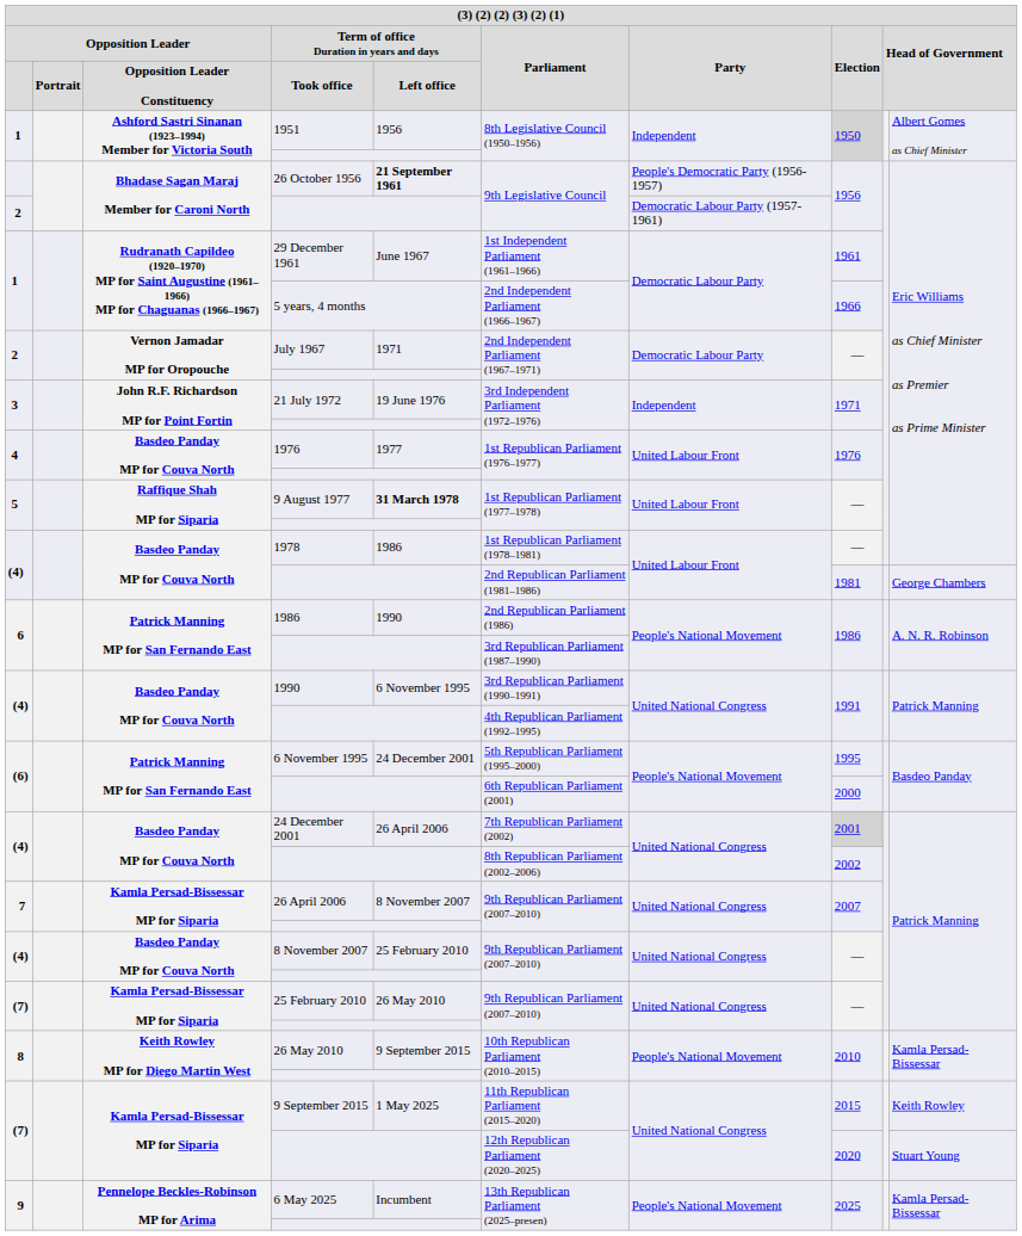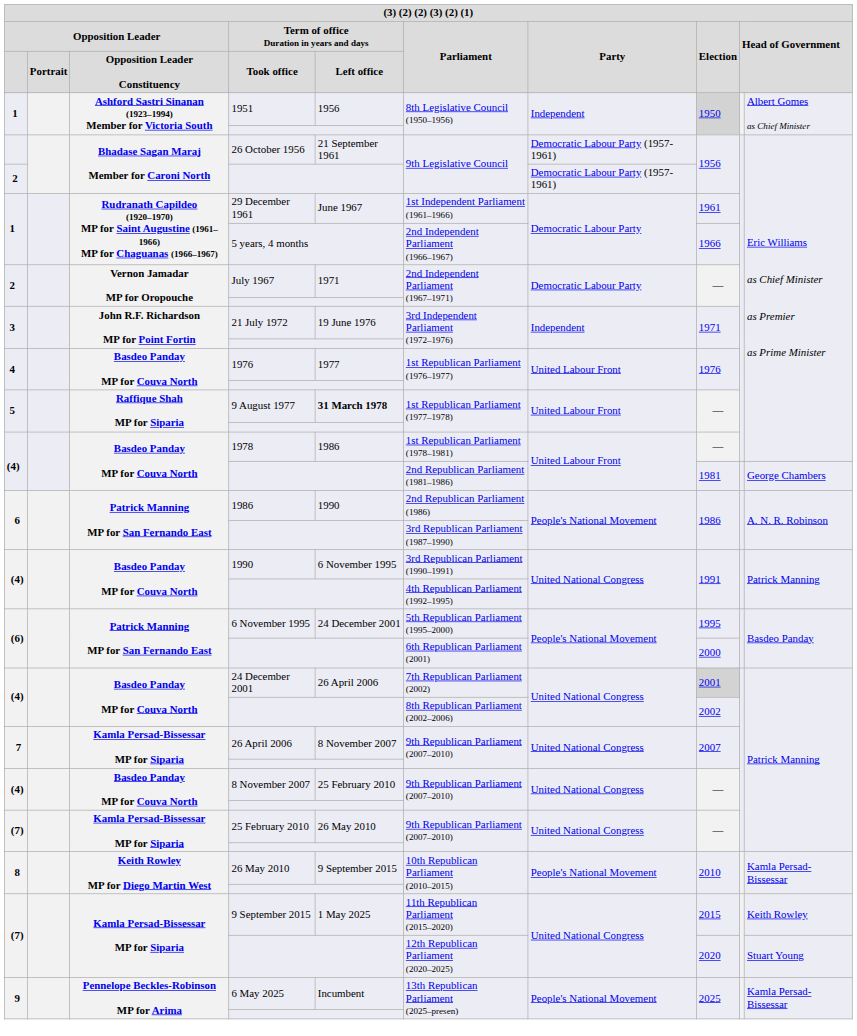 <table class="wikitable" style="background-color:#ececf4; color:black" align="center">
 <tr>
 <th colspan="10" style="background-color:#DCDCDC;"> (3) (2) (2) (3) (2) (1)</th>
 </tr>
 <tr>
 <th colspan="3" style="background-color:#DCDCDC;">Opposition Leader</th>
 <th colspan="2" style="background-color:#DCDCDC;">Term of office<br><small>Duration in years and days</small></th>
 <th rowspan="2" style="background-color:#DCDCDC;">Parliament</th>
 <th rowspan="2" style="background-color:#DCDCDC;">Party</th>
 <td rowspan="2" style="background-color:#DCDCDC;"><strong>Election</strong></td>
 <td colspan="2" rowspan="2" style="background-color:#DCDCDC;"><strong>Head of Government</strong><br><br><br></td>
 </tr>
 <tr>
 <th style="background-color:#DCDCDC;"></th>
 <th style="background-color:#DCDCDC;">Portrait</th>
 <th style="background-color:#DCDCDC;">Opposition Leader<br><br>Constituency</th>
 <th style="background-color:#DCDCDC;">Took office</th>
 <th style="background-color:#DCDCDC;">Left office</th>
 </tr>
 <tr>
 <td rowspan="2" style="background:"><strong>  1</strong></td>
 <th rowspan="2"></th>
 <th rowspan="2"><a href='#'><strong>Ashford Sastri Sinanan</strong></a><br><small><strong>(1923–1994)</strong></small><br><strong>Member for <a href='#'>Victoria South</a></strong></th>
 <td>1951</td>
 <td>1956</td>
 <td rowspan="2"><a href='#'>8th Legislative Council</a><br><small>(1950–1956)</small></td>
 <td rowspan="2" ><a href='#'>Independent</a></td>
 <td rowspan="2" style="background:LightGrey; "><a href='#'>1950</a></td>
 <th rowspan="2" style="background: "></th>
 <td rowspan="2"><a href='#'>Albert Gomes</a><br><br><em><small>as Chief Minister</small></em></td>
 </tr>
 <tr>
 <td colspan="2"></td>
 </tr>
 <tr>
 <td rowspan="1" style="background:"></td>
 <th rowspan="2"></th>
 <th rowspan="2"><strong><a href='#'>Bhadase Sagan Maraj</a></strong><br><strong></strong><br><strong>Member for <a href='#'>Caroni North</a></strong><br> </th>
 <td>26 October 1956</td>
-<td><strong>21 September 1961</strong></td>
+<td>21 September 1961</td>
 <td rowspan="2"><a href='#'>9th Legislative Council</a><br></td>
-<td rowspan="1" ><a href='#'>People's Democratic Party</a> (1956-1957)</td>
+<td rowspan="1" ><a href='#'>Democratic Labour Party</a> (1957-1961)</td>
 <td rowspan="2" ><a href='#'>1956</a></td>
 <td rowspan="14" style="background:"></td>
 <td rowspan="14"><a href='#'>Eric Williams</a><br><br><br><em>as Chief Minister</em><br><br><br><em>as Premier</em><br><br><br><em>as Prime Minister</em><br></td>
 </tr>
 <tr>
 <td rowspan="1" style="background:"><strong>  2</strong></td>
 <td colspan="2"></td>
 <td rowspan="1" ><a href='#'>Democratic Labour Party</a> (1957-1961)</td>
 </tr>
 <tr>
 <td rowspan="3" style="background:"> <strong>1</strong></td>
 <td rowspan="3"></td>
 <th rowspan="3"><strong><a href='#'>Rudranath Capildeo</a></strong><br><small><strong>(1920–1970)</strong></small><br><strong>MP for <a href='#'>Saint Augustine</a></strong><small><strong> (1961–1966)</strong></small><br><strong>MP for <a href='#'>Chaguanas</a> <small>(1966–1967)</small></strong><br> </th>
 <td rowspan="2">29 December 1961</td>
 <td rowspan="2">June 1967</td>
 <td><a href='#'>1st Independent Parliament</a><br><small>(1961–1966)</small></td>
 <td rowspan="3" ><a href='#'>Democratic Labour Party</a></td>
 <td><a href='#'>1961</a></td>
 </tr>
 <tr>
 <td rowspan="2"><a href='#'>2nd Independent Parliament</a><br><small>(1966–1967)</small></td>
 <td rowspan="2" ><a href='#'>1966</a></td>
 </tr>
 <tr>
 <td colspan="2">5 years, 4 months</td>
 </tr>
 <tr>
 <td rowspan="2" style="background:"> <strong>2</strong></td>
 <td rowspan="2"></td>
 <th rowspan="2"><strong>Vernon Jamadar</strong><br><strong></strong><br><strong>MP for Oropouche</strong></th>
 <td>July 1967</td>
 <td>1971</td>
 <td rowspan="2"><a href='#'>2nd Independent Parliament</a><br><small>(1967–1971)</small></td>
 <td rowspan="2" ><a href='#'>Democratic Labour Party</a></td>
 <th rowspan="2"><strong>—</strong></th>
 </tr>
 <tr>
 <td colspan="2"></td>
 </tr>
 <tr>
 <td rowspan="2" style="background:"> <strong>3</strong></td>
 <td rowspan="2"></td>
 <th rowspan="2"><strong>John R.F. Richardson</strong><br><strong></strong><br><strong>MP for <a href='#'>Point Fortin</a></strong></th>
 <td>21 July 1972</td>
 <td>19 June 1976</td>
 <td rowspan="2"><a href='#'>3rd Independent Parliament</a><br><small>(1972–1976)</small></td>
 <td rowspan="2" ><a href='#'>Independent</a></td>
 <td rowspan="2" ><a href='#'>1971</a></td>
 </tr>
 <tr>
 <td colspan="2"></td>
 </tr>
 <tr>
 <td rowspan="2" style="background:"> <span><strong>4</strong></span></td>
 <td rowspan="2"></td>
 <th rowspan="2"><strong><a href='#'>Basdeo Panday</a></strong><br><strong></strong><br><strong>MP for <a href='#'>Couva North</a></strong></th>
 <td>1976</td>
 <td>1977</td>
 <td rowspan="2"><a href='#'>1st Republican Parliament</a><br><small>(1976–1977)</small></td>
 <td rowspan="2"  ><a href='#'>United Labour Front</a></td>
 <td rowspan="2" ><a href='#'>1976</a></td>
 </tr>
 <tr>
 <td colspan="2"></td>
 </tr>
 <tr>
 <td rowspan="2" style="background:"> <span><strong>5</strong></span></td>
 <td rowspan="2"></td>
 <th rowspan="2"><strong><a href='#'>Raffique Shah</a></strong><br><strong></strong><br><strong>MP for <a href='#'>Siparia</a></strong></th>
 <td>9 August 1977</td>
 <td><strong>31 March 1978</strong></td>
 <td rowspan="2"><a href='#'>1st Republican Parliament</a><br><small>(1977–1978)</small></td>
 <td rowspan="2"   ><a href='#'>United Labour Front</a></td>
 <th rowspan="2"><strong>—</strong></th>
 </tr>
 <tr>
 <td colspan="2"></td>
 </tr>
 <tr 7>
 <td rowspan="3" style="background:">  <span><strong>(4)</strong></span></td>
 <td rowspan="3"></td>
 <th rowspan="3"><strong><a href='#'>Basdeo Panday</a></strong><br><strong></strong><br><strong>MP for <a href='#'>Couva North</a></strong></th>
 <td rowspan="2">1978</td>
 <td rowspan="2">1986</td>
 <td><a href='#'>1st Republican Parliament</a><br><small>(1978–1981)</small></td>
 <td rowspan="3"  ><a href='#'>United Labour Front</a></td>
 <th><strong>—</strong></th>
 </tr>
 <tr>
 <td rowspan="2"><a href='#'>2nd Republican Parliament</a><br><small>(1981–1986)</small></td>
 <td rowspan="2" ><a href='#'>1981</a></td>
 <td rowspan="2" style="background:"></td>
 <td rowspan="2"><a href='#'>George Chambers</a><br></td>
 </tr>
 <tr>
 <td colspan="2"></td>
 </tr>
 <tr>
 <th rowspan="2" style="background:"> <strong>6</strong></th>
 <th rowspan="2"></th>
 <th rowspan="2"><strong><a href='#'>Patrick Manning</a></strong><br><br>MP for <a href='#'>San Fernando East</a></th>
 <td>1986</td>
 <td>1990</td>
 <td><a href='#'>2nd Republican Parliament</a><br><small>(1986)</small></td>
 <td rowspan="2" ><a href='#'>People's National Movement</a></td>
 <td rowspan="2" ><a href='#'>1986</a></td>
 <td rowspan="2" style="background:"></td>
 <td rowspan="2"><a href='#'>A. N. R. Robinson</a><br></td>
 </tr>
 <tr>
 <td colspan="2"></td>
 <td><a href='#'>3rd Republican Parliament</a><br><small>(1987–1990)</small></td>
 </tr>
 <tr>
 <th rowspan="2" style="background:"> <strong>(4)</strong></th>
 <th rowspan="2"></th>
 <th rowspan="2"><strong><a href='#'>Basdeo Panday</a></strong><br><br>MP for <a href='#'>Couva North</a></th>
 <td>1990</td>
 <td>6 November 1995</td>
 <td><a href='#'>3rd Republican Parliament</a><br><small>(1990–1991)</small></td>
 <td rowspan="2" ><a href='#'>United National Congress</a></td>
 <td rowspan="2" ><a href='#'>1991</a></td>
 <td rowspan="2" style="background:"></td>
 <td rowspan="2"><a href='#'>Patrick Manning</a> </td>
 </tr>
 <tr>
 <td colspan="2"></td>
 <td><a href='#'>4th Republican Parliament</a><br><small>(1992–1995)</small></td>
 </tr>
 <tr>
 <th rowspan="3" style="background:"> <strong>(6)</strong></th>
 <th rowspan="3"></th>
 <th rowspan="3"><strong><a href='#'>Patrick Manning</a></strong><br><br>MP for <a href='#'>San Fernando East</a></th>
 <td rowspan="2">6 November 1995</td>
 <td rowspan="2">24 December 2001</td>
 <td><a href='#'>5th Republican Parliament</a><br><small>(1995–2000)</small></td>
 <td rowspan="3" ><a href='#'>People's National Movement</a></td>
 <td><a href='#'>1995</a></td>
 <td rowspan="3" style="background:"></td>
 <td rowspan="3"><a href='#'>Basdeo Panday</a><br></td>
 </tr>
 <tr>
 <td rowspan="2"><a href='#'>6th Republican Parliament</a><br><small>(2001)</small></td>
 <td rowspan="2" ><a href='#'>2000</a></td>
 </tr>
 <tr>
 <td colspan="2"></td>
 </tr>
 <tr>
 <th rowspan="3" style="background:"> <strong>(4)</strong></th>
 <th rowspan="3"></th>
 <th rowspan="3"><strong><a href='#'>Basdeo Panday</a></strong><br><br>MP for <a href='#'>Couva North</a></th>
 <td rowspan="2">24 December 2001</td>
 <td rowspan="2">26 April 2006</td>
 <td><a href='#'>7th Republican Parliament</a><br><small>(2002)</small></td>
 <td rowspan="3" ><a href='#'>United National Congress</a></td>
 <td style="background:LightGrey; "><a href='#'>2001</a></td>
 <td rowspan="9" style="background:"></td>
 <td rowspan="9"><a href='#'>Patrick Manning</a><br></td>
 </tr>
 <tr>
 <td rowspan="2"><a href='#'>8th Republican Parliament</a><br><small>(2002–2006)</small></td>
 <td rowspan="2" ><a href='#'>2002</a></td>
 </tr>
 <tr>
 <td colspan="2"></td>
 </tr>
 <tr>
 <th rowspan="2" style="background:">  <strong>7</strong></th>
 <th rowspan="2"></th>
 <th rowspan="2"><strong><a href='#'>Kamla Persad-Bissessar</a></strong><br><br>MP for <a href='#'>Siparia</a></th>
 <td>26 April 2006</td>
 <td>8 November 2007</td>
 <td rowspan="2"><a href='#'>9th Republican Parliament</a><br><small>(2007–2010)</small></td>
 <td rowspan="2" ><a href='#'>United National Congress</a></td>
 <td rowspan="2" ><a href='#'>2007</a> <br></td>
 </tr>
 <tr>
 <td colspan="2"></td>
 </tr>
 <tr>
 <th rowspan="2" style="background:"> <strong>(4)</strong></th>
 <th rowspan="2"></th>
 <th rowspan="2"><strong><a href='#'>Basdeo Panday</a></strong><br><br>MP for <a href='#'>Couva North</a></th>
 <td>8 November 2007</td>
 <td>25 February 2010</td>
 <td rowspan="2"><a href='#'>9th Republican Parliament</a><br><small>(2007–2010)</small></td>
 <td rowspan="2" ><a href='#'>United National Congress</a></td>
 <th rowspan="2"><strong>—</strong></th>
 </tr>
 <tr>
 <td colspan="2"></td>
 </tr>
 <tr>
 <th rowspan="2" style="background:"> <strong>(7)</strong></th>
 <th rowspan="2"></th>
 <th rowspan="2"><strong><a href='#'>Kamla Persad-Bissessar</a></strong><br><br>MP for <a href='#'>Siparia</a></th>
 <td>25 February 2010</td>
 <td>26 May 2010</td>
 <td rowspan="2"><a href='#'>9th Republican Parliament</a><br><small>(2007–2010)</small></td>
 <td rowspan="2" ><a href='#'>United National Congress</a></td>
 <th rowspan="2"><strong>—</strong></th>
 </tr>
 <tr>
 <td colspan="2"></td>
 </tr>
 <tr>
 <th rowspan="2" style="background:"> <strong>8</strong></th>
 <th rowspan="2"></th>
 <th rowspan="2"><strong><a href='#'>Keith Rowley</a></strong><br><br>MP for <a href='#'>Diego Martin West</a></th>
 <td>26 May 2010</td>
 <td>9 September 2015</td>
 <td rowspan="2"><a href='#'>10th Republican Parliament</a><br><small>(2010–2015)</small></td>
 <td rowspan="2" ><a href='#'>People's National Movement</a></td>
 <td rowspan="2" ><a href='#'>2010</a></td>
 <th rowspan="2" style="background:"></th>
 <td rowspan="2"><a href='#'>Kamla Persad-Bissessar</a><br></td>
 </tr>
 <tr>
 <td colspan="2"></td>
 </tr>
 <tr>
 <th rowspan="2" style="background:"> <strong>(7)</strong></th>
 <th rowspan="2"></th>
 <th rowspan="2"><strong><a href='#'>Kamla Persad-Bissessar</a></strong><br><br>MP for <a href='#'>Siparia</a></th>
 <td>9 September 2015</td>
 <td rowspan="1">1 May 2025</td>
 <td><a href='#'>11th Republican Parliament</a><br><small>(2015–2020)</small></td>
 <td rowspan="2"  ><a href='#'>United National Congress</a></td>
 <td><a href='#'>2015</a></td>
 <th rowspan="2" style="background:"></th>
 <td><a href='#'>Keith Rowley</a><br></td>
 </tr>
 <tr>
 <td colspan="2"></td>
 <td><a href='#'>12th Republican Parliament</a><br><small>(2020–2025)</small></td>
 <td><a href='#'>2020</a></td>
 <td><a href='#'>Stuart Young</a><br></td>
 </tr>
 <tr>
 <th rowspan="2" style="background:"> <strong>9</strong></th>
 <th rowspan="2"></th>
 <th rowspan="2"><strong><a href='#'>Pennelope Beckles-Robinson</a></strong><br><br>MP for <a href='#'>Arima</a></th>
 <td>6 May 2025</td>
 <td>Incumbent</td>
 <td rowspan="2"><a href='#'>13th Republican Parliament</a><br><small>(2025–presen)</small></td>
 <td rowspan="2" ><a href='#'>People's National Movement</a></td>
 <td rowspan="2" ><a href='#'>2025</a></td>
 <th rowspan="2" style="background:"></th>
 <td rowspan="2"><a href='#'>Kamla Persad-Bissessar</a><br></td>
 </tr>
 <tr>
 <td colspan="2"></td>
 </tr>
 </table>
